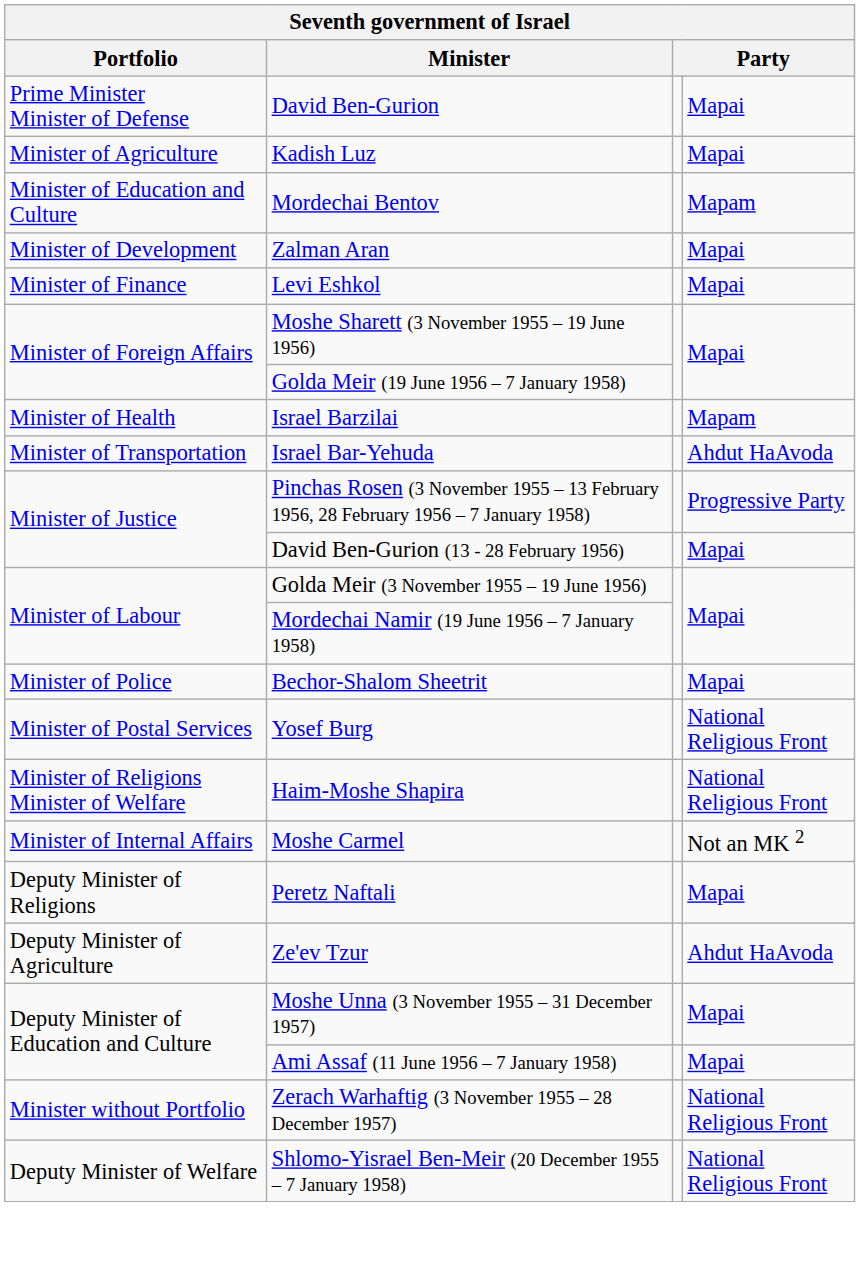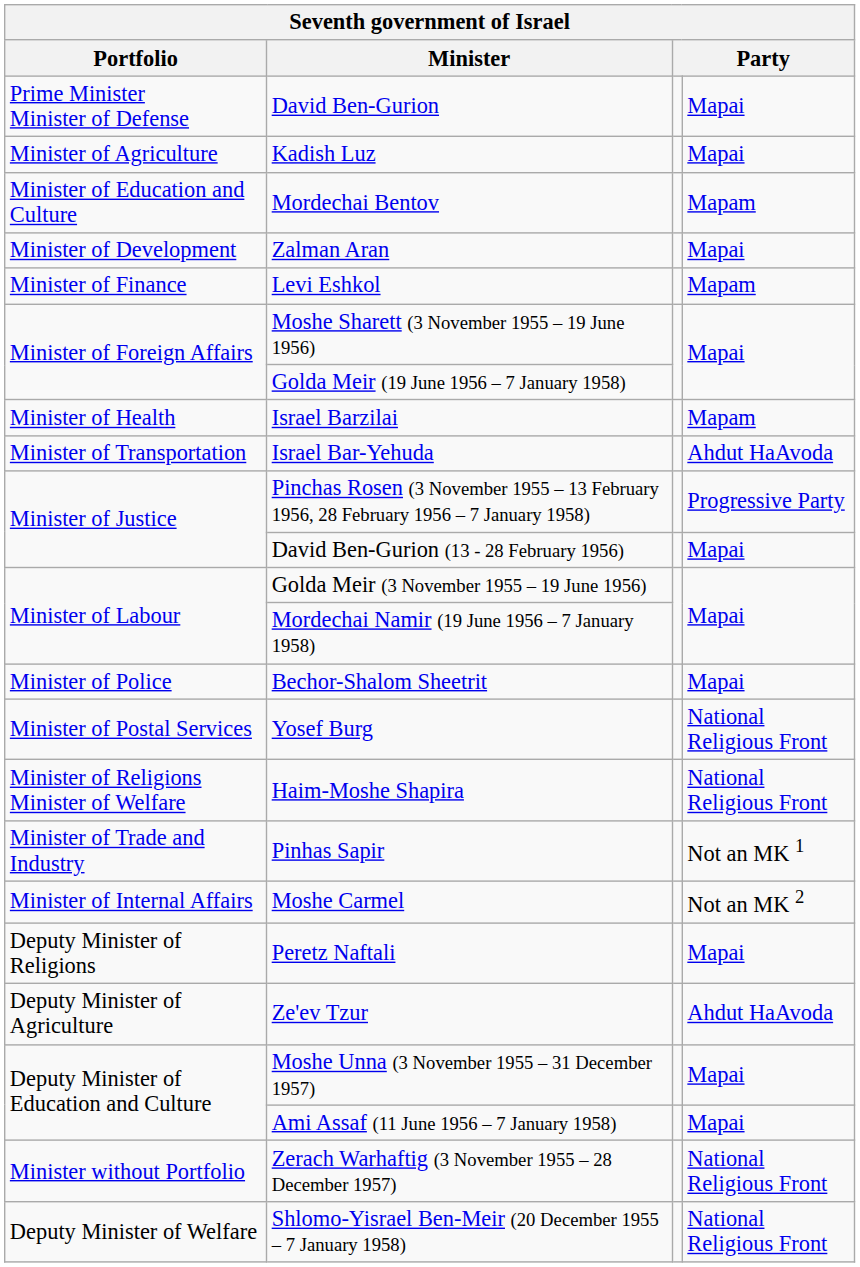 <table class="wikitable sortable" style="text-align:left">
 <tr>
 <th colspan=4>Seventh government of Israel</th>
 </tr>
 <tr>
 <th>Portfolio</th>
 <th>Minister</th>
 <th colspan=2>Party</th>
 </tr>
 <tr>
 <td><a href='#'>Prime Minister</a><br><a href='#'>Minister of Defense</a></td>
 <td><a href='#'>David Ben-Gurion</a></td>
 <td style="background:"></td>
 <td><a href='#'>Mapai</a></td>
 </tr>
 <tr>
 <td><a href='#'>Minister of Agriculture</a></td>
 <td><a href='#'>Kadish Luz</a></td>
 <td style="background:"></td>
 <td><a href='#'>Mapai</a></td>
 </tr>
 <tr>
 <td><a href='#'>Minister of Education and Culture</a></td>
 <td><a href='#'>Mordechai Bentov</a></td>
 <td style="background:"></td>
 <td><a href='#'>Mapam</a></td>
 </tr>
 <tr>
 <td><a href='#'>Minister of Development</a></td>
 <td><a href='#'>Zalman Aran</a></td>
 <td style="background:"></td>
 <td><a href='#'>Mapai</a></td>
 </tr>
 <tr>
 <td><a href='#'>Minister of Finance</a></td>
 <td><a href='#'>Levi Eshkol</a></td>
 <td style="background:"></td>
-<td><a href='#'>Mapai</a></td>
+<td><a href='#'>Mapam</a></td>
 </tr>
 <tr>
 <td rowspan="2"><a href='#'>Minister of Foreign Affairs</a></td>
 <td><a href='#'>Moshe Sharett</a> <small>(3 November 1955 – 19 June 1956)</small></td>
 <td rowspan="2" style="background:"></td>
 <td rowspan="2"><a href='#'>Mapai</a></td>
 </tr>
 <tr>
 <td><a href='#'>Golda Meir</a> <small>(19 June 1956 – 7 January 1958)</small></td>
 </tr>
 <tr>
 <td><a href='#'>Minister of Health</a></td>
 <td><a href='#'>Israel Barzilai</a></td>
 <td style="background:"></td>
 <td><a href='#'>Mapam</a></td>
 </tr>
 <tr>
 <td><a href='#'>Minister of Transportation</a></td>
 <td><a href='#'>Israel Bar-Yehuda</a></td>
 <td style="background:"></td>
 <td><a href='#'>Ahdut HaAvoda</a></td>
 </tr>
 <tr>
 <td rowspan="2"><a href='#'>Minister of Justice</a></td>
 <td><a href='#'>Pinchas Rosen</a> <small>(3 November 1955 – 13 February 1956, 28 February 1956 – 7 January 1958)</small></td>
 <td style="background:"></td>
 <td><a href='#'>Progressive Party</a></td>
 </tr>
 <tr>
 <td>David Ben-Gurion <small>(13 - 28 February 1956)</small></td>
 <td style="background:"></td>
 <td><a href='#'>Mapai</a></td>
 </tr>
 <tr>
 <td rowspan="2"><a href='#'>Minister of Labour</a></td>
 <td>Golda Meir <small>(3 November 1955 – 19 June 1956)</small></td>
 <td rowspan="2" style="background:"></td>
 <td rowspan="2"><a href='#'>Mapai</a></td>
 </tr>
 <tr>
 <td><a href='#'>Mordechai Namir</a> <small>(19 June 1956 – 7 January 1958)</small></td>
 </tr>
 <tr>
 <td><a href='#'>Minister of Police</a></td>
 <td><a href='#'>Bechor-Shalom Sheetrit</a></td>
 <td style="background:"></td>
 <td><a href='#'>Mapai</a></td>
 </tr>
 <tr>
 <td><a href='#'>Minister of Postal Services</a></td>
 <td><a href='#'>Yosef Burg</a></td>
 <td style="background:"></td>
 <td><a href='#'>National Religious Front</a></td>
 </tr>
 <tr>
 <td><a href='#'>Minister of Religions</a><br><a href='#'>Minister of Welfare</a></td>
 <td><a href='#'>Haim-Moshe Shapira</a></td>
 <td style="background:"></td>
 <td><a href='#'>National Religious Front</a></td>
 </tr>
 <tr>
+<td><a href='#'>Minister of Trade and Industry</a></td>
+<td><a href='#'>Pinhas Sapir</a></td>
+<td style="background:"></td>
+<td>Not an MK <sup>1</sup></td>
+</tr>
+<tr>
 <td><a href='#'>Minister of Internal Affairs</a></td>
 <td><a href='#'>Moshe Carmel</a></td>
 <td style="background:"></td>
 <td>Not an MK <sup>2</sup></td>
 </tr>
 <tr>
 <td>Deputy Minister of Religions</td>
 <td><a href='#'>Peretz Naftali</a></td>
 <td style="background:"></td>
 <td><a href='#'>Mapai</a></td>
 </tr>
 <tr>
 <td>Deputy Minister of Agriculture</td>
 <td><a href='#'>Ze'ev Tzur</a></td>
 <td style="background:"></td>
 <td><a href='#'>Ahdut HaAvoda</a></td>
 </tr>
 <tr>
 <td rowspan="2">Deputy Minister of Education and Culture</td>
 <td><a href='#'>Moshe Unna</a> <small>(3 November 1955 – 31 December 1957)</small></td>
 <td style="background:"></td>
 <td><a href='#'>Mapai</a></td>
 </tr>
 <tr>
 <td><a href='#'>Ami Assaf</a> <small>(11 June 1956 – 7 January 1958)</small></td>
 <td style="background:"></td>
 <td><a href='#'>Mapai</a></td>
 </tr>
 <tr>
 <td><a href='#'>Minister without Portfolio</a></td>
 <td><a href='#'>Zerach Warhaftig</a> <small>(3 November 1955 – 28 December 1957)</small></td>
 <td style="background:"></td>
 <td><a href='#'>National Religious Front</a></td>
 </tr>
 <tr>
 <td>Deputy Minister of Welfare</td>
 <td><a href='#'>Shlomo-Yisrael Ben-Meir</a> <small>(20 December 1955 – 7 January 1958)</small></td>
 <td style="background:"></td>
 <td><a href='#'>National Religious Front</a></td>
 </tr>
 </table>
